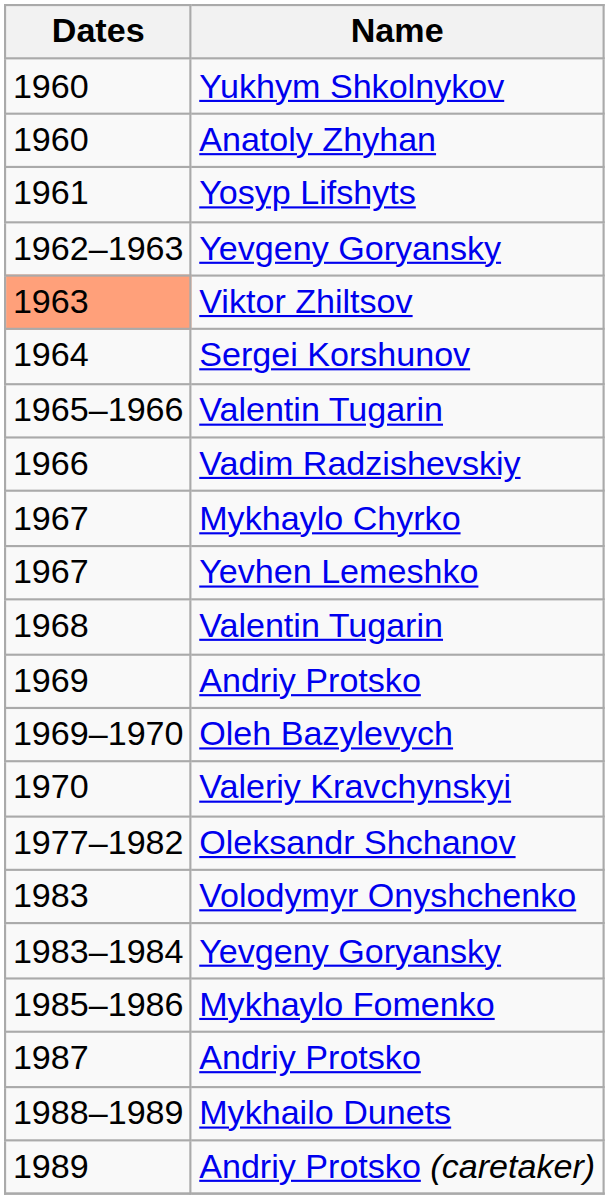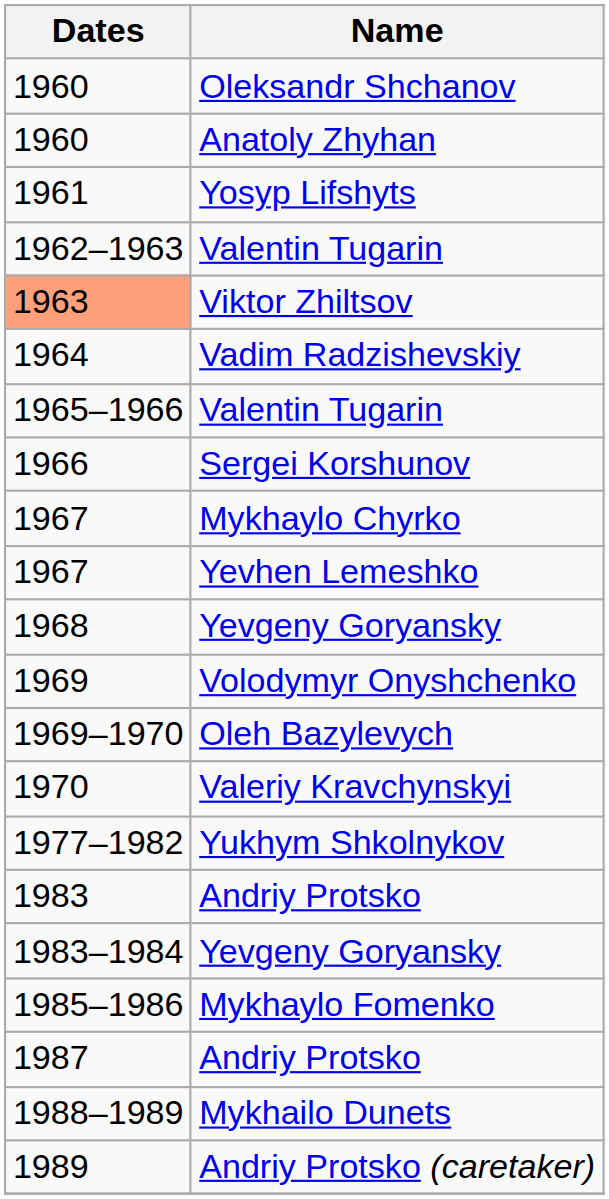 <table class="wikitable">
 <tr>
 <th>Dates</th>
 <th>Name</th>
 </tr>
 <tr>
 <td>1960</td>
-<td> <a href='#'>Yukhym Shkolnykov</a></td>
+<td> <a href='#'>Oleksandr Shchanov</a></td>
 </tr>
 <tr>
 <td>1960</td>
 <td> <a href='#'>Anatoly Zhyhan</a></td>
 </tr>
 <tr>
 <td>1961</td>
 <td> <a href='#'>Yosyp Lifshyts</a></td>
 </tr>
 <tr>
 <td>1962–1963</td>
-<td> <a href='#'>Yevgeny Goryansky</a></td>
+<td> <a href='#'>Valentin Tugarin</a></td>
 </tr>
 <tr>
 <td style="background: lightsalmon;">1963</td>
 <td> <a href='#'>Viktor Zhiltsov</a></td>
 </tr>
 <tr>
 <td>1964</td>
-<td> <a href='#'>Sergei Korshunov</a></td>
+<td> <a href='#'>Vadim Radzishevskiy</a></td>
 </tr>
 <tr>
 <td>1965–1966</td>
 <td> <a href='#'>Valentin Tugarin</a></td>
 </tr>
 <tr>
 <td>1966</td>
-<td> <a href='#'>Vadim Radzishevskiy</a></td>
+<td> <a href='#'>Sergei Korshunov</a></td>
 </tr>
 <tr>
 <td>1967</td>
 <td> <a href='#'>Mykhaylo Chyrko</a></td>
 </tr>
 <tr>
 <td>1967</td>
 <td> <a href='#'>Yevhen Lemeshko</a></td>
 </tr>
 <tr>
 <td>1968</td>
-<td> <a href='#'>Valentin Tugarin</a></td>
+<td> <a href='#'>Yevgeny Goryansky</a></td>
 </tr>
 <tr>
 <td>1969</td>
-<td> <a href='#'>Andriy Protsko</a></td>
+<td> <a href='#'>Volodymyr Onyshchenko</a></td>
 </tr>
 <tr>
 <td>1969–1970</td>
 <td> <a href='#'>Oleh Bazylevych</a></td>
 </tr>
 <tr>
 <td>1970</td>
 <td> <a href='#'>Valeriy Kravchynskyi</a></td>
 </tr>
 <tr>
 <td>1977–1982</td>
-<td> <a href='#'>Oleksandr Shchanov</a></td>
+<td> <a href='#'>Yukhym Shkolnykov</a></td>
 </tr>
 <tr>
 <td>1983</td>
-<td> <a href='#'>Volodymyr Onyshchenko</a></td>
+<td> <a href='#'>Andriy Protsko</a></td>
 </tr>
 <tr>
 <td>1983–1984</td>
 <td> <a href='#'>Yevgeny Goryansky</a></td>
 </tr>
 <tr>
 <td>1985–1986</td>
 <td> <a href='#'>Mykhaylo Fomenko</a></td>
 </tr>
 <tr>
 <td>1987</td>
 <td> <a href='#'>Andriy Protsko</a></td>
 </tr>
 <tr>
 <td>1988–1989</td>
 <td> <a href='#'>Mykhailo Dunets</a></td>
 </tr>
 <tr>
 <td>1989</td>
 <td> <a href='#'>Andriy Protsko</a> <em>(caretaker)</em></td>
 </tr>
 <tr>
 </tr>
 </table>
